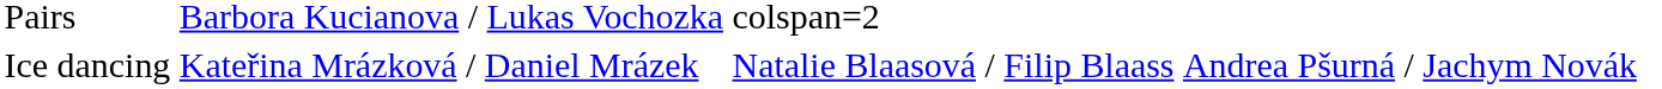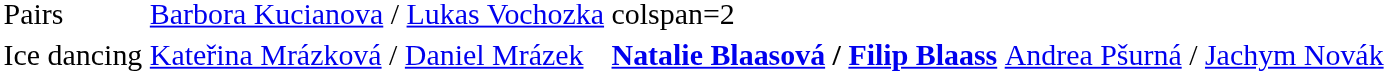 <table>
 <tr>
 <td>Pairs</td>
 <td><a href='#'>Barbora Kucianova</a> / <a href='#'>Lukas Vochozka</a></td>
 <td>colspan=2 </td>
 </tr>
 <tr>
 <td>Ice dancing</td>
 <td><a href='#'>Kateřina Mrázková</a> / <a href='#'>Daniel Mrázek</a></td>
-<td><a href='#'>Natalie Blaasová</a> / <a href='#'>Filip Blaass</a></td>
+<td><strong><a href='#'>Natalie Blaasová</a> / <a href='#'>Filip Blaass</a></strong></td>
 <td><a href='#'>Andrea Pšurná</a> / <a href='#'>Jachym Novák</a></td>
 </tr>
 </table>
